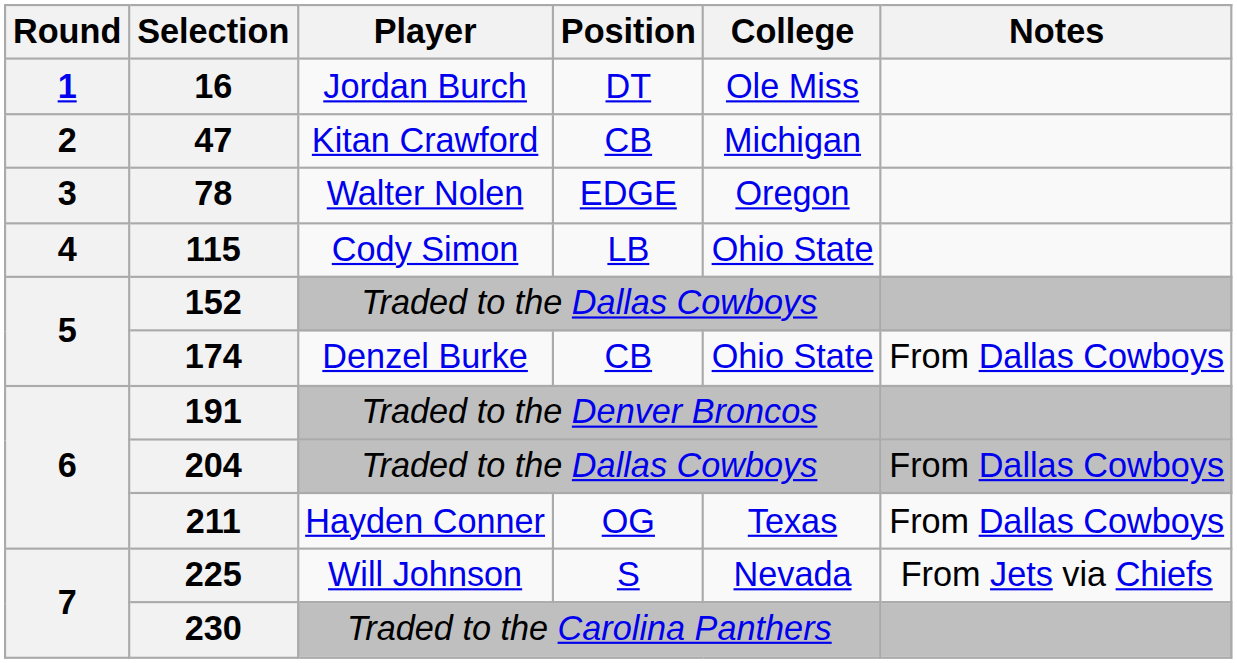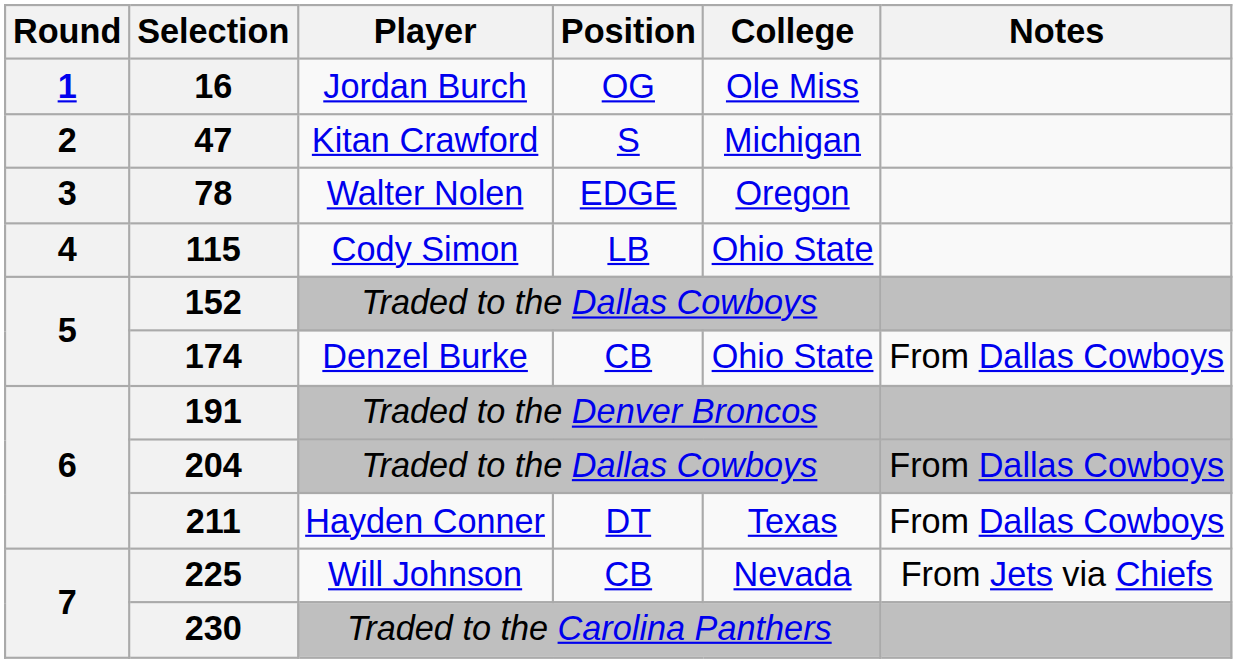 <table class="wikitable" style="text-align:center">
 <tr>
 <th>Round</th>
 <th>Selection</th>
 <th>Player</th>
 <th>Position</th>
 <th>College</th>
 <th>Notes</th>
 </tr>
 <tr>
 <th><a href='#'>1</a></th>
 <th>16</th>
 <td><a href='#'>Jordan Burch</a></td>
-<td><a href='#'>DT</a></td>
+<td><a href='#'>OG</a></td>
 <td><a href='#'>Ole Miss</a></td>
 <td></td>
 </tr>
 <tr>
 <th>2</th>
 <th>47</th>
 <td><a href='#'>Kitan Crawford</a></td>
-<td><a href='#'>CB</a></td>
+<td><a href='#'>S</a></td>
 <td><a href='#'>Michigan</a></td>
 <td></td>
 </tr>
 <tr>
 <th>3</th>
 <th>78</th>
 <td><a href='#'>Walter Nolen</a></td>
 <td><a href='#'>EDGE</a></td>
 <td><a href='#'>Oregon</a></td>
 <td></td>
 </tr>
 <tr>
 <th>4</th>
 <th>115</th>
 <td><a href='#'>Cody Simon</a></td>
 <td><a href='#'>LB</a></td>
 <td><a href='#'>Ohio State</a></td>
 <td></td>
 </tr>
 <tr>
 <th rowspan="2">5</th>
 <th>152</th>
 <td colspan="3" style="background:#BFBFBF"><em>Traded to the <a href='#'>Dallas Cowboys</a></em></td>
 <td style="background:#BFBFBF"></td>
 </tr>
 <tr>
 <th>174</th>
 <td><a href='#'>Denzel Burke</a></td>
 <td><a href='#'>CB</a></td>
 <td><a href='#'>Ohio State</a></td>
 <td>From <a href='#'>Dallas Cowboys</a></td>
 </tr>
 <tr>
 <th rowspan="3">6</th>
 <th>191</th>
 <td colspan="3" style="background:#BFBFBF"><em>Traded to the <a href='#'>Denver Broncos</a></em></td>
 <td style="background:#BFBFBF"></td>
 </tr>
 <tr>
 <th>204</th>
 <td colspan="3" style="background:#BFBFBF"><em>Traded to the <a href='#'>Dallas Cowboys</a></em></td>
 <td style="background:#BFBFBF">From <a href='#'>Dallas Cowboys</a></td>
 </tr>
 <tr>
 <th>211</th>
 <td><a href='#'>Hayden Conner</a></td>
-<td><a href='#'>OG</a></td>
+<td><a href='#'>DT</a></td>
 <td><a href='#'>Texas</a></td>
 <td>From <a href='#'>Dallas Cowboys</a></td>
 </tr>
 <tr>
 <th rowspan="2">7</th>
 <th>225</th>
 <td><a href='#'>Will Johnson</a></td>
-<td><a href='#'>S</a></td>
+<td><a href='#'>CB</a></td>
 <td><a href='#'>Nevada</a></td>
 <td>From <a href='#'>Jets</a> via <a href='#'>Chiefs</a></td>
 </tr>
 <tr>
 <th>230</th>
 <td colspan="3" style="background:#BFBFBF"><em>Traded to the <a href='#'>Carolina Panthers</a></em></td>
 <td style="background:#BFBFBF"></td>
 </tr>
 </table>
